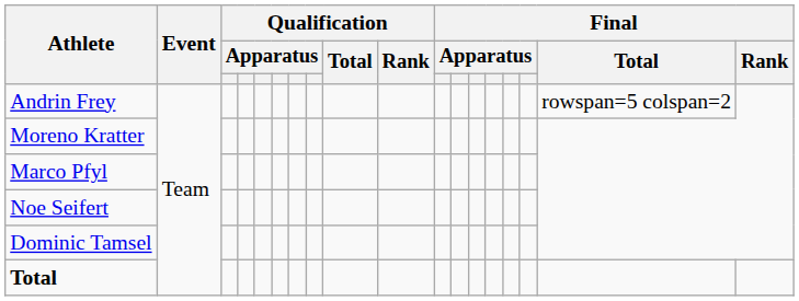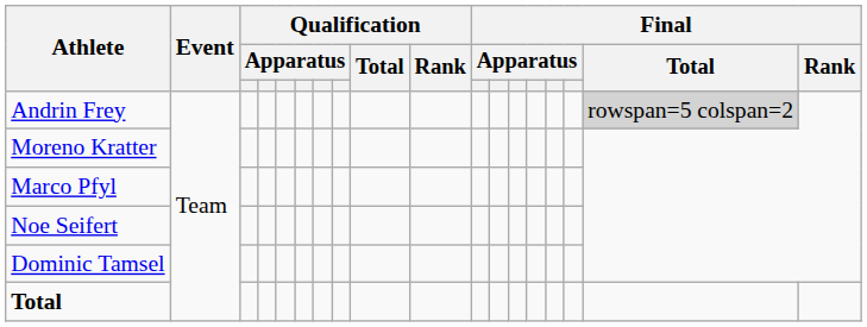 <table class="wikitable" style="font-size:90%">
 <tr>
 <th rowspan=3>Athlete</th>
 <th rowspan=3>Event</th>
 <th colspan =8>Qualification</th>
 <th colspan =8>Final</th>
 </tr>
 <tr style="font-size:95%">
 <th colspan=6>Apparatus</th>
 <th rowspan=2>Total</th>
 <th rowspan=2>Rank</th>
 <th colspan=6>Apparatus</th>
 <th rowspan=2>Total</th>
 <th rowspan=2>Rank</th>
 </tr>
 <tr style="font-size:95%">
 <th></th>
 <th></th>
 <th></th>
 <th></th>
 <th></th>
 <th></th>
 <th></th>
 <th></th>
 <th></th>
 <th></th>
 <th></th>
 <th></th>
 </tr>
 <tr align=center>
 <td align=left><a href='#'>Andrin Frey</a></td>
 <td align=left rowspan=6>Team</td>
 <td></td>
 <td></td>
 <td></td>
 <td></td>
 <td></td>
 <td></td>
 <td></td>
 <td></td>
 <td></td>
 <td></td>
 <td></td>
 <td></td>
 <td></td>
 <td></td>
-<td>rowspan=5 colspan=2</td>
+<td style="background: lightgrey;">rowspan=5 colspan=2</td>
 </tr>
 <tr align=center>
 <td align=left><a href='#'>Moreno Kratter</a></td>
 <td></td>
 <td></td>
 <td></td>
 <td></td>
 <td></td>
 <td></td>
 <td></td>
 <td></td>
 <td></td>
 <td></td>
 <td></td>
 <td></td>
 <td></td>
 <td></td>
 </tr>
 <tr align=center>
 <td align=left><a href='#'>Marco Pfyl</a></td>
 <td></td>
 <td></td>
 <td></td>
 <td></td>
 <td></td>
 <td></td>
 <td></td>
 <td></td>
 <td></td>
 <td></td>
 <td></td>
 <td></td>
 <td></td>
 <td></td>
 </tr>
 <tr align=center>
 <td align=left><a href='#'>Noe Seifert</a></td>
 <td></td>
 <td></td>
 <td></td>
 <td></td>
 <td></td>
 <td></td>
 <td></td>
 <td></td>
 <td></td>
 <td></td>
 <td></td>
 <td></td>
 <td></td>
 <td></td>
 </tr>
 <tr align=center>
 <td align=left><a href='#'>Dominic Tamsel</a></td>
 <td></td>
 <td></td>
 <td></td>
 <td></td>
 <td></td>
 <td></td>
 <td></td>
 <td></td>
 <td></td>
 <td></td>
 <td></td>
 <td></td>
 <td></td>
 <td></td>
 </tr>
 <tr align=center>
 <td align=left><strong>Total</strong></td>
 <td></td>
 <td></td>
 <td></td>
 <td></td>
 <td></td>
 <td></td>
 <td></td>
 <td></td>
 <td></td>
 <td></td>
 <td></td>
 <td></td>
 <td></td>
 <td></td>
 <td></td>
 <td></td>
 </tr>
 </table>
